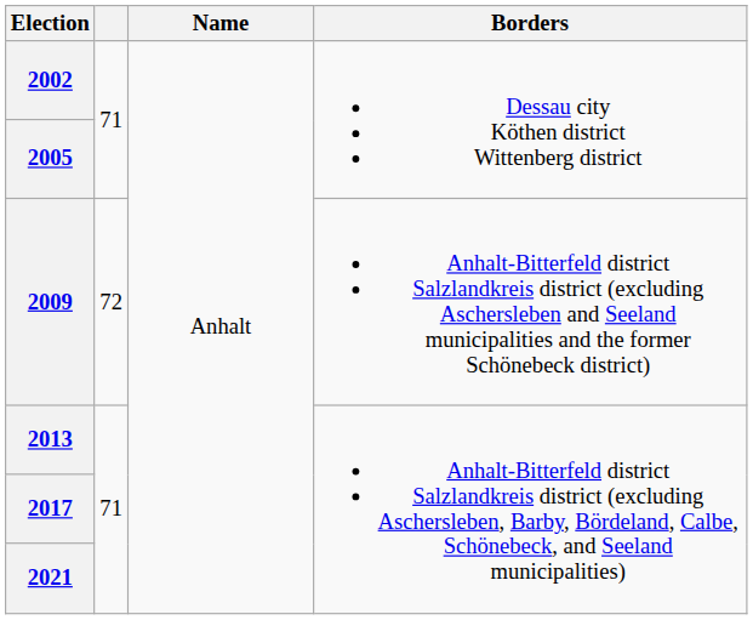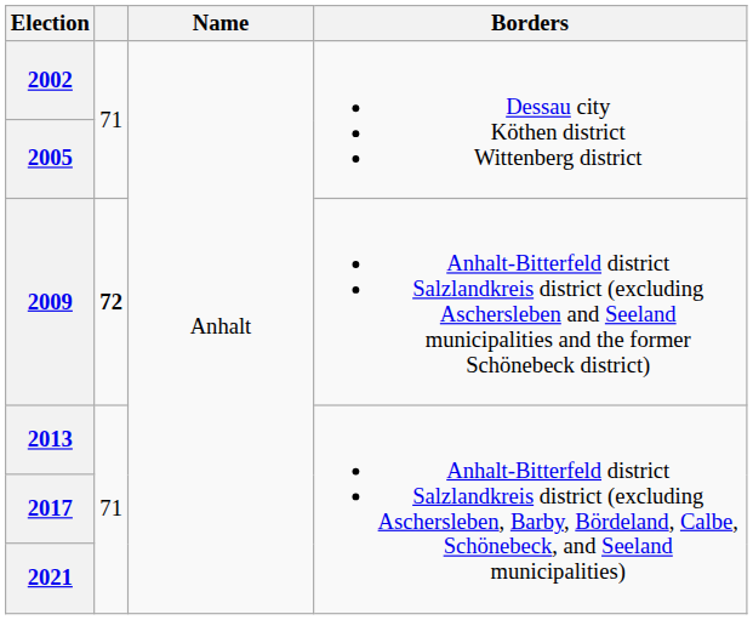 <table class=wikitable style="text-align:center">
 <tr>
 <th>Election</th>
 <th></th>
 <th width=125px>Name</th>
 <th width=300px>Borders</th>
 </tr>
 <tr>
 <th><a href='#'>2002</a></th>
 <td rowspan=2>71</td>
 <td rowspan=6>Anhalt</td>
 <td rowspan=2><br><ul><li><a href='#'>Dessau</a> city</li><li>Köthen district</li><li>Wittenberg district</li></ul></td>
 </tr>
 <tr>
 <th><a href='#'>2005</a></th>
 </tr>
 <tr>
 <th><a href='#'>2009</a></th>
-<td>72</td>
+<td><strong>72</strong></td>
 <td><br><ul><li><a href='#'>Anhalt-Bitterfeld</a> district</li><li><a href='#'>Salzlandkreis</a> district (excluding <a href='#'>Aschersleben</a> and <a href='#'>Seeland</a> municipalities and the former Schönebeck district)</li></ul></td>
 </tr>
 <tr>
 <th><a href='#'>2013</a></th>
 <td rowspan=3>71</td>
 <td rowspan=3><br><ul><li><a href='#'>Anhalt-Bitterfeld</a> district</li><li><a href='#'>Salzlandkreis</a> district (excluding <a href='#'>Aschersleben</a>, <a href='#'>Barby</a>, <a href='#'>Bördeland</a>, <a href='#'>Calbe</a>, <a href='#'>Schönebeck</a>, and <a href='#'>Seeland</a> municipalities)</li></ul></td>
 </tr>
 <tr>
 <th><a href='#'>2017</a></th>
 </tr>
 <tr>
 <th><a href='#'>2021</a></th>
 </tr>
 </table>
